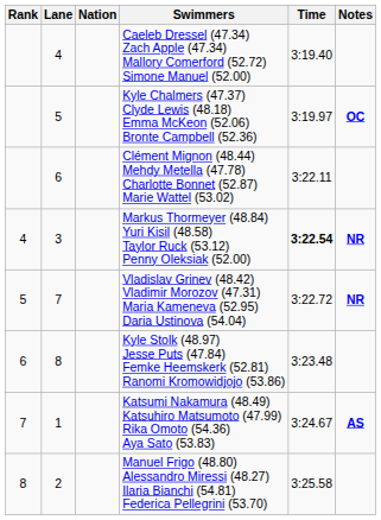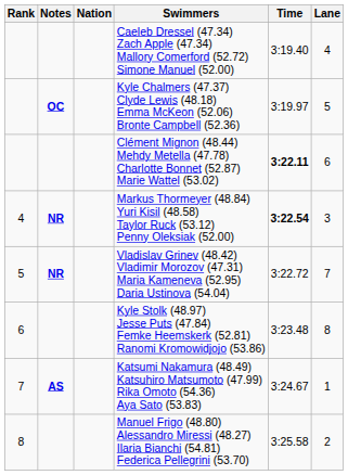 <table class="wikitable sortable" style="text-align:center">
 <tr>
 <th>Rank</th>
-<th>Lane</th>
+<th>Notes</th>
 <th>Nation</th>
 <th>Swimmers</th>
 <th>Time</th>
-<th>Notes</th>
+<th>Lane</th>
 </tr>
 <tr>
 <td></td>
-<td>4</td>
+<td></td>
 <td align=left></td>
 <td align=left><a href='#'>Caeleb Dressel</a> (47.34)<br><a href='#'>Zach Apple</a> (47.34)<br><a href='#'>Mallory Comerford</a> (52.72)<br><a href='#'>Simone Manuel</a> (52.00)</td>
 <td>3:19.40</td>
-<td></td>
+<td>4</td>
 </tr>
 <tr>
 <td></td>
-<td>5</td>
+<td><strong><a href='#'>OC</a></strong></td>
 <td align=left></td>
 <td align=left><a href='#'>Kyle Chalmers</a> (47.37)<br><a href='#'>Clyde Lewis</a> (48.18)<br><a href='#'>Emma McKeon</a> (52.06)<br><a href='#'>Bronte Campbell</a> (52.36)</td>
 <td>3:19.97</td>
-<td><strong><a href='#'>OC</a></strong></td>
+<td>5</td>
 </tr>
 <tr>
 <td></td>
-<td>6</td>
+<td></td>
 <td align=left></td>
 <td align=left><a href='#'>Clément Mignon</a> (48.44)<br><a href='#'>Mehdy Metella</a> (47.78)<br><a href='#'>Charlotte Bonnet</a> (52.87)<br><a href='#'>Marie Wattel</a> (53.02)</td>
-<td>3:22.11</td>
-<td></td>
+<td><strong>3:22.11</strong></td>
+<td>6</td>
 </tr>
 <tr>
 <td>4</td>
-<td>3</td>
+<td><strong><a href='#'>NR</a></strong></td>
 <td align=left></td>
 <td align=left><a href='#'>Markus Thormeyer</a> (48.84)<br><a href='#'>Yuri Kisil</a> (48.58)<br><a href='#'>Taylor Ruck</a> (53.12)<br><a href='#'>Penny Oleksiak</a> (52.00)</td>
 <td><strong>3:22.54</strong></td>
-<td><strong><a href='#'>NR</a></strong></td>
+<td>3</td>
 </tr>
 <tr>
 <td>5</td>
-<td>7</td>
+<td><strong><a href='#'>NR</a></strong></td>
 <td align=left></td>
 <td align=left><a href='#'>Vladislav Grinev</a> (48.42)<br><a href='#'>Vladimir Morozov</a> (47.31)<br><a href='#'>Maria Kameneva</a> (52.95)<br><a href='#'>Daria Ustinova</a> (54.04)</td>
 <td>3:22.72</td>
-<td><strong><a href='#'>NR</a></strong></td>
+<td>7</td>
 </tr>
 <tr>
 <td>6</td>
-<td>8</td>
+<td></td>
 <td align=left></td>
 <td align=left><a href='#'>Kyle Stolk</a> (48.97)<br><a href='#'>Jesse Puts</a> (47.84)<br><a href='#'>Femke Heemskerk</a> (52.81)<br><a href='#'>Ranomi Kromowidjojo</a> (53.86)</td>
 <td>3:23.48</td>
-<td></td>
+<td>8</td>
 </tr>
 <tr>
 <td>7</td>
-<td>1</td>
+<td><strong><a href='#'>AS</a></strong></td>
 <td align=left></td>
 <td align=left><a href='#'>Katsumi Nakamura</a> (48.49)<br><a href='#'>Katsuhiro Matsumoto</a> (47.99)<br><a href='#'>Rika Omoto</a> (54.36)<br><a href='#'>Aya Sato</a> (53.83)</td>
 <td>3:24.67</td>
-<td><strong><a href='#'>AS</a></strong></td>
+<td>1</td>
 </tr>
 <tr>
 <td>8</td>
-<td>2</td>
+<td></td>
 <td align=left></td>
 <td align=left><a href='#'>Manuel Frigo</a> (48.80)<br><a href='#'>Alessandro Miressi</a> (48.27)<br><a href='#'>Ilaria Bianchi</a> (54.81)<br><a href='#'>Federica Pellegrini</a> (53.70)</td>
 <td>3:25.58</td>
-<td></td>
+<td>2</td>
 </tr>
 </table>
